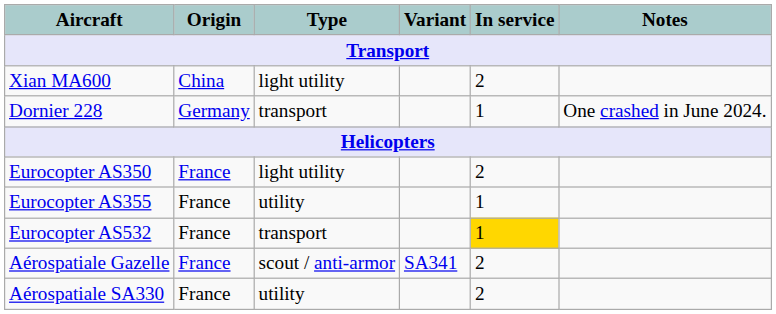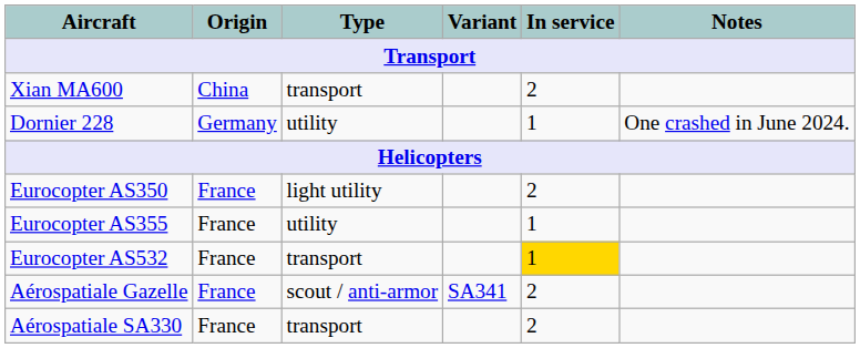 <table class="wikitable">
 <tr>
 <th style="text-align:center; background:#acc;">Aircraft</th>
 <th style="text-align: center; background:#acc;">Origin</th>
 <th style="text-align:l center; background:#acc;">Type</th>
 <th style="text-align:left; background:#acc;">Variant</th>
 <th style="text-align:center; background:#acc;">In service</th>
 <th style="text-align: center; background:#acc;">Notes</th>
 </tr>
 <tr>
 <th style="align: center; background: lavender;" colspan="7"><a href='#'>Transport</a></th>
 </tr>
 <tr>
 <td><a href='#'>Xian MA600</a></td>
 <td><a href='#'>China</a></td>
-<td>light utility</td>
+<td>transport</td>
 <td></td>
 <td>2</td>
 <td></td>
 </tr>
 <tr>
 <td><a href='#'>Dornier 228</a></td>
 <td><a href='#'>Germany</a></td>
-<td>transport</td>
+<td>utility</td>
 <td></td>
 <td>1</td>
 <td>One <a href='#'>crashed</a> in June 2024.</td>
 </tr>
 <tr>
 <th style="align: center; background: lavender;" colspan="7"><a href='#'>Helicopters</a></th>
 </tr>
 <tr>
 <td><a href='#'>Eurocopter AS350</a></td>
 <td><a href='#'>France</a></td>
 <td>light utility</td>
 <td></td>
 <td>2</td>
 <td></td>
 </tr>
 <tr>
 <td><a href='#'>Eurocopter AS355</a></td>
 <td>France</td>
 <td>utility</td>
 <td></td>
 <td>1</td>
 <td></td>
 </tr>
 <tr>
 <td><a href='#'>Eurocopter AS532</a></td>
 <td>France</td>
 <td>transport</td>
 <td></td>
 <td style="background: gold;">1</td>
 <td></td>
 </tr>
 <tr>
 <td><a href='#'>Aérospatiale Gazelle</a></td>
 <td><a href='#'>France</a></td>
 <td>scout / <a href='#'>anti-armor</a></td>
 <td><a href='#'>SA341</a></td>
 <td>2</td>
 <td></td>
 </tr>
 <tr>
 <td><a href='#'>Aérospatiale SA330</a></td>
 <td>France</td>
-<td>utility</td>
+<td>transport</td>
 <td></td>
 <td>2</td>
 <td></td>
 </tr>
 </table>
